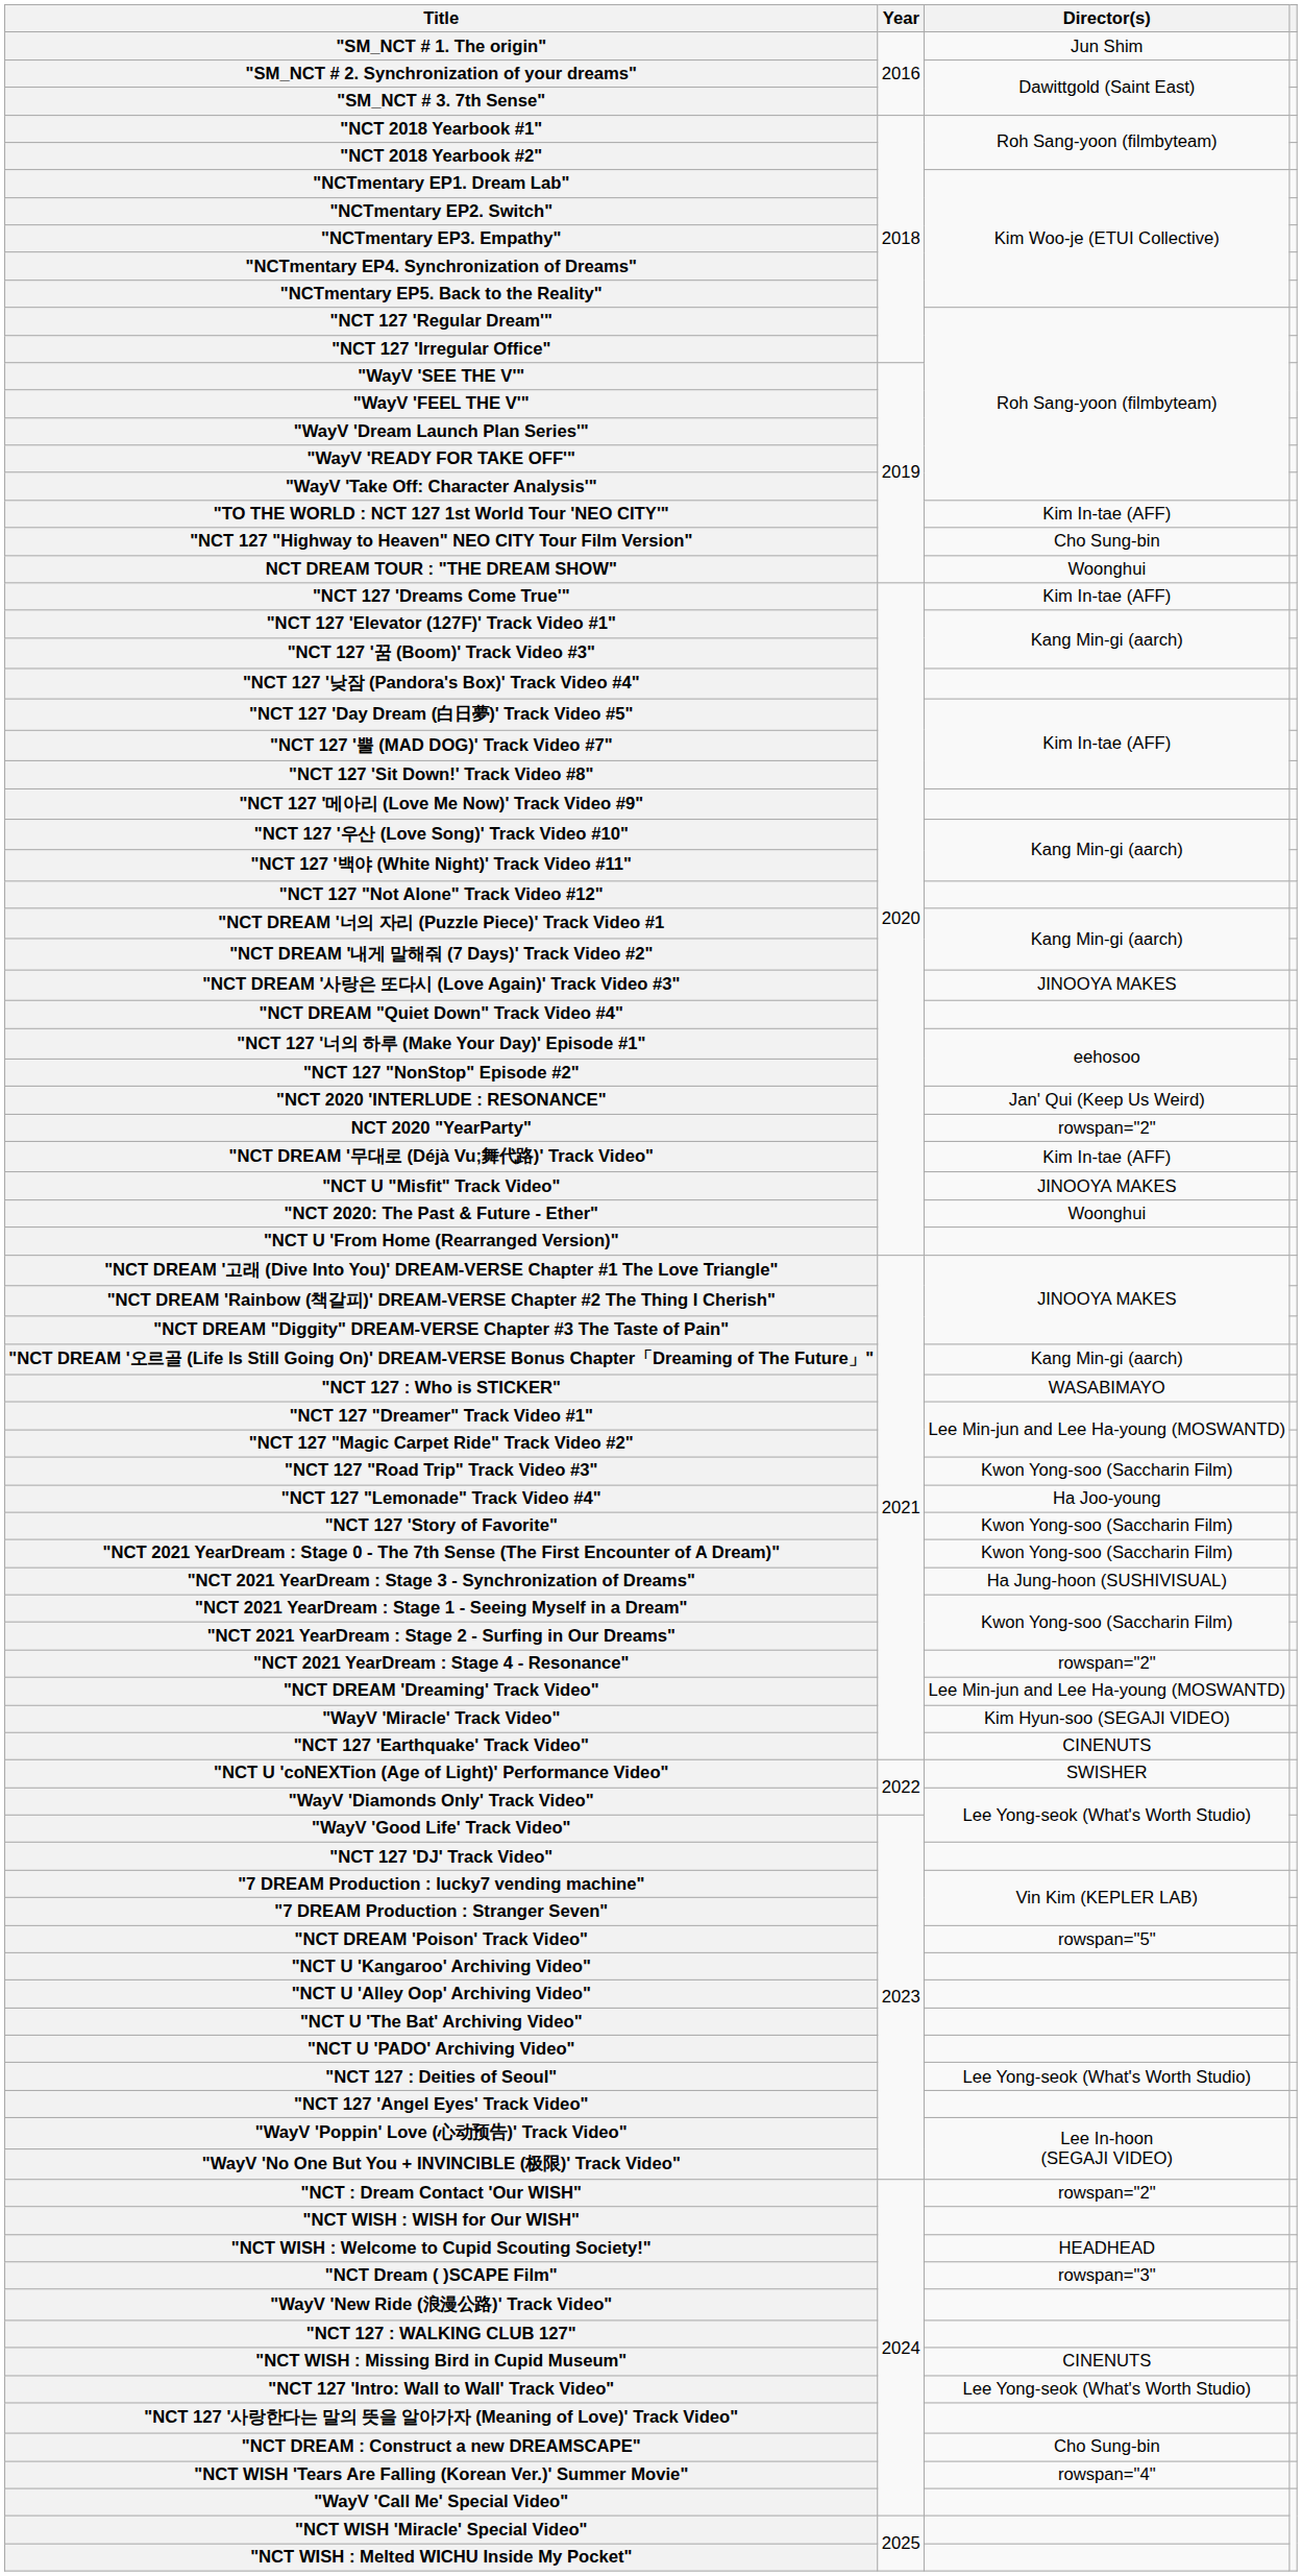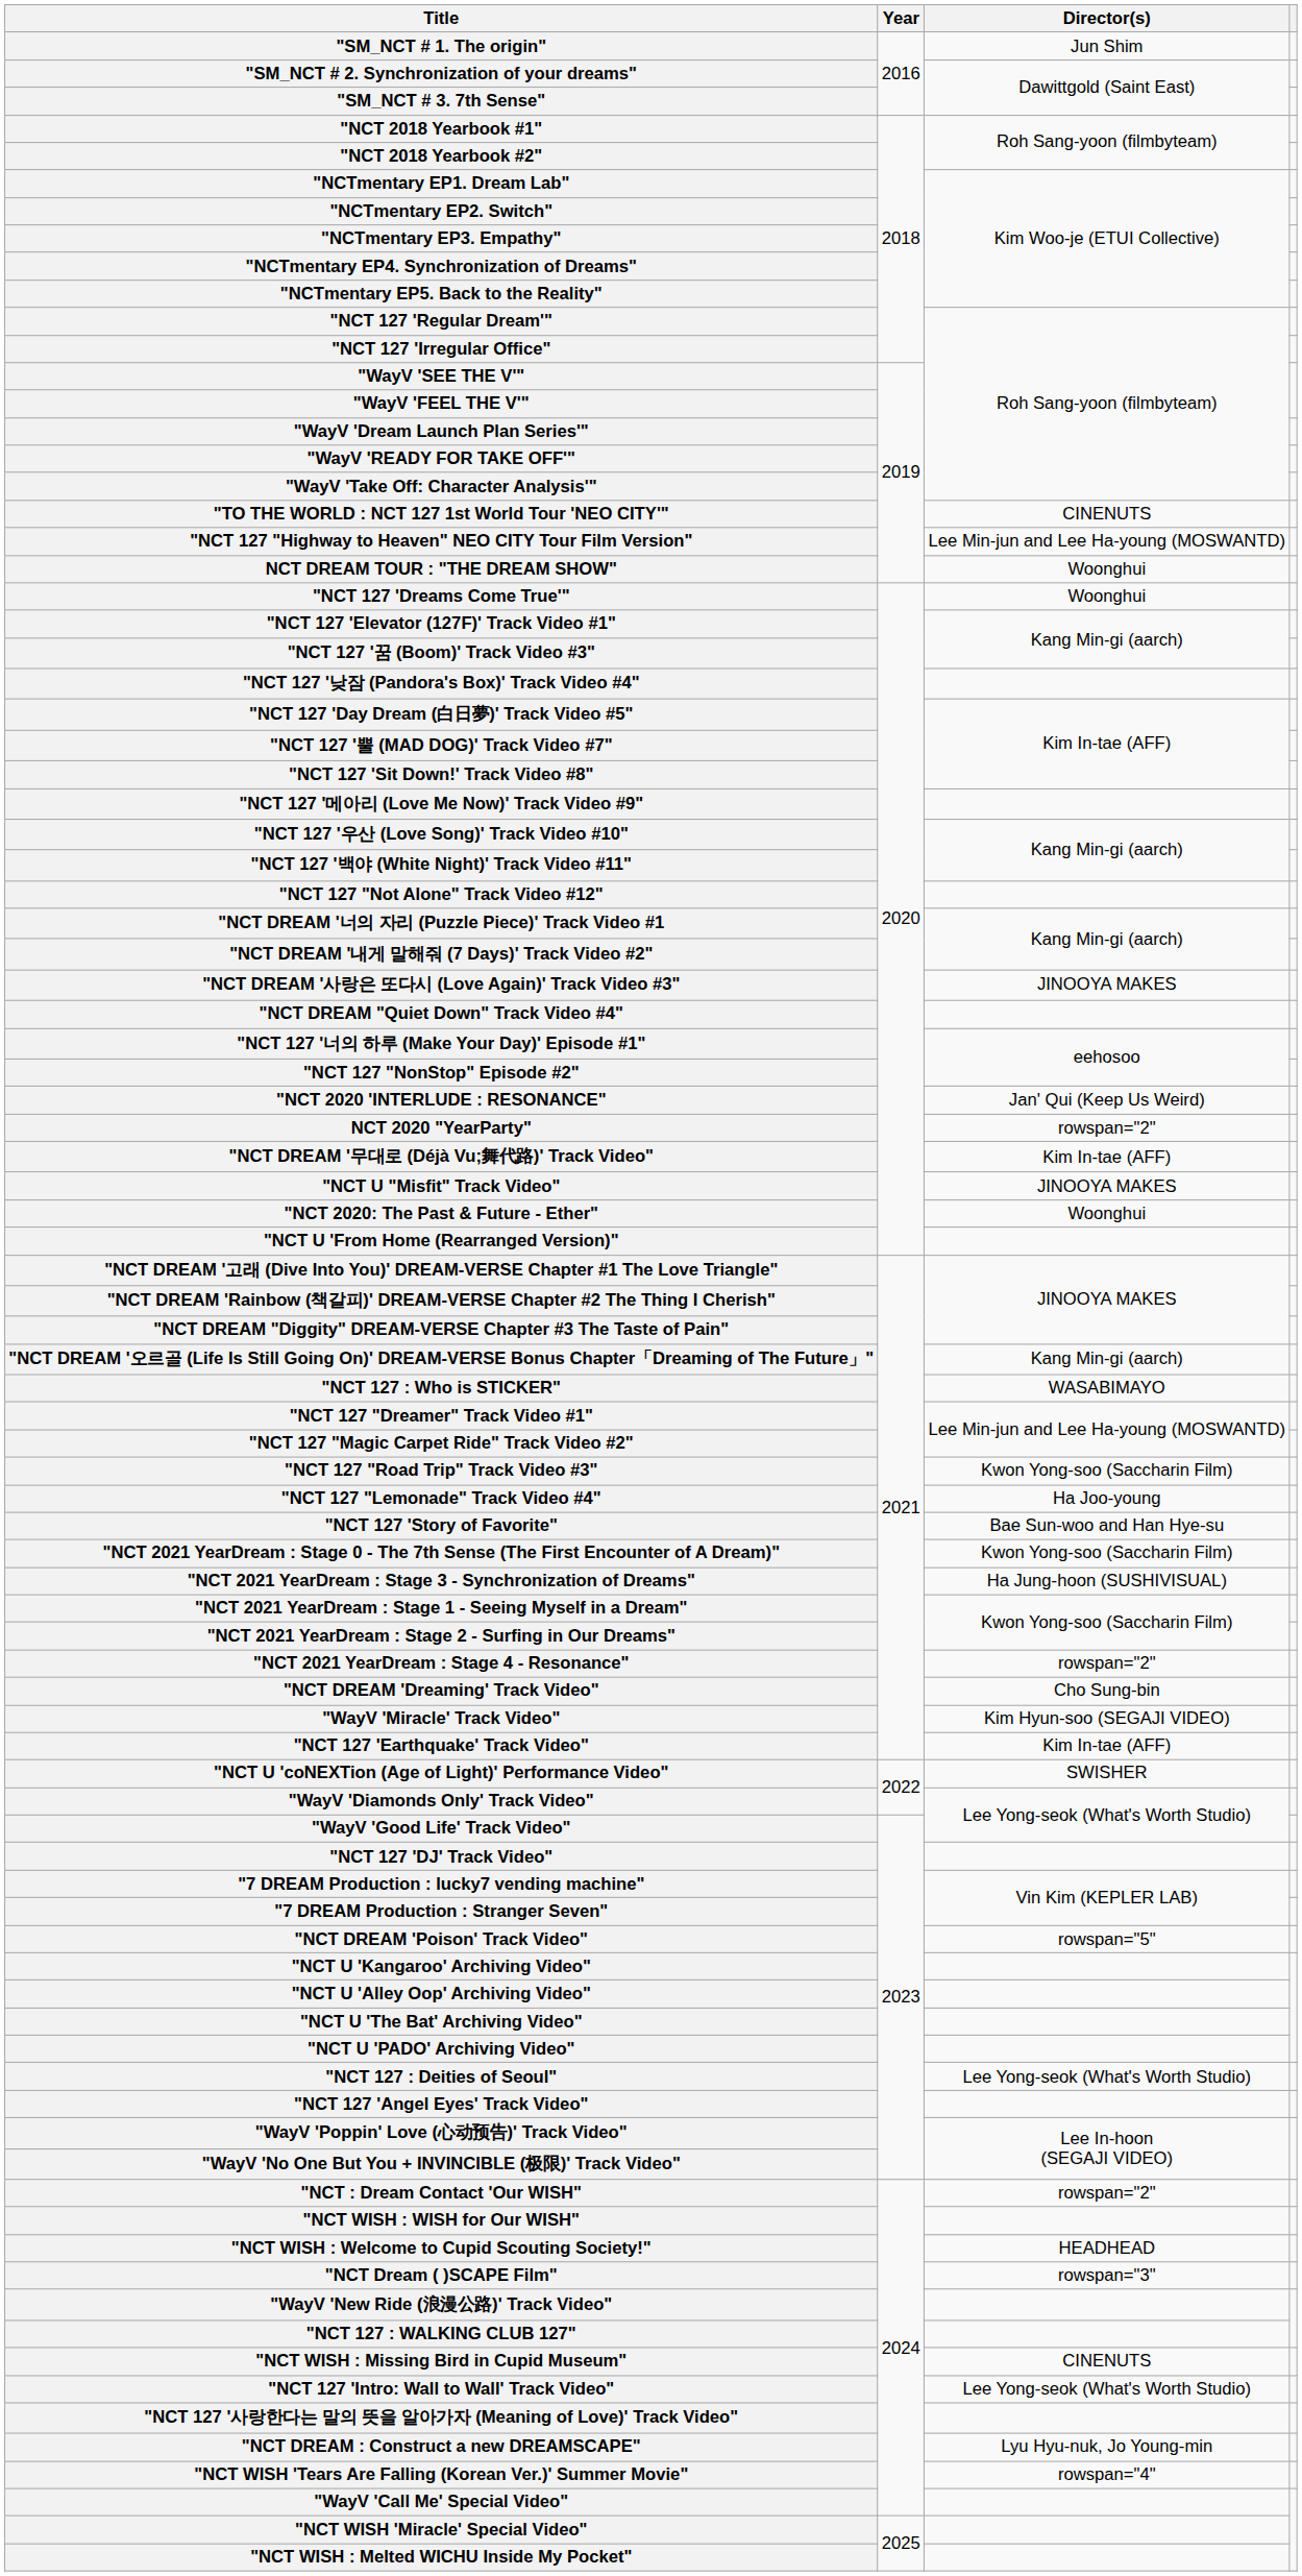 <table class="wikitable sortable plainrowheaders" style="text-align:center;">
 <tr>
 <th scope="col">Title</th>
 <th scope="col">Year</th>
 <th scope="col">Director(s)</th>
 <th scope="col"></th>
 </tr>
 <tr>
 <th scope="row">"SM_NCT # 1. The origin"</th>
 <td rowspan="3">2016</td>
 <td>Jun Shim</td>
 <td></td>
 </tr>
 <tr>
 <th scope="row">"SM_NCT # 2. Synchronization of your dreams"</th>
 <td rowspan="2">Dawittgold (Saint East)</td>
 <td></td>
 </tr>
 <tr>
 <th scope="row">"SM_NCT # 3. 7th Sense"</th>
 <td></td>
 </tr>
 <tr>
 <th scope="row">"NCT 2018 Yearbook #1"</th>
 <td rowspan="9">2018</td>
 <td rowspan="2">Roh Sang-yoon (filmbyteam)</td>
 <td></td>
 </tr>
 <tr>
 <th scope="row">"NCT 2018 Yearbook #2"</th>
 <td></td>
 </tr>
 <tr>
 <th scope="row">"NCTmentary EP1. Dream Lab"</th>
 <td rowspan="5">Kim Woo-je (ETUI Collective)</td>
 <td></td>
 </tr>
 <tr>
 <th scope="row">"NCTmentary EP2. Switch"</th>
 <td></td>
 </tr>
 <tr>
 <th scope="row">"NCTmentary EP3. Empathy"</th>
 <td></td>
 </tr>
 <tr>
 <th scope="row">"NCTmentary EP4. Synchronization of Dreams"</th>
 <td></td>
 </tr>
 <tr>
 <th scope="row">"NCTmentary EP5. Back to the Reality"</th>
 <td></td>
 </tr>
 <tr>
 <th scope="row">"NCT 127 'Regular Dream'"</th>
 <td rowspan="7">Roh Sang-yoon (filmbyteam)</td>
 <td></td>
 </tr>
 <tr>
 <th scope="row">"NCT 127 'Irregular Office"</th>
 <td></td>
 </tr>
 <tr>
 <th scope="row">"WayV 'SEE THE V'"</th>
 <td rowspan="8">2019</td>
 <td rowspan="2"></td>
 </tr>
 <tr>
 <th scope="row">"WayV 'FEEL THE V'"</th>
 </tr>
 <tr>
 <th scope="row">"WayV 'Dream Launch Plan Series'"</th>
 <td></td>
 </tr>
 <tr>
 <th scope="row">"WayV 'READY FOR TAKE OFF'"</th>
 <td></td>
 </tr>
 <tr>
 <th scope="row">"WayV 'Take Off: Character Analysis'"</th>
 <td></td>
 </tr>
 <tr>
 <th scope="row">"TO THE WORLD : NCT 127 1st World Tour 'NEO CITY'"</th>
-<td>Kim In-tae (AFF)</td>
+<td>CINENUTS</td>
 <td></td>
 </tr>
 <tr>
 <th scope="row">"NCT 127 "Highway to Heaven" NEO CITY Tour Film Version"</th>
-<td>Cho Sung-bin</td>
+<td>Lee Min-jun and Lee Ha-young (MOSWANTD)</td>
 <td></td>
 </tr>
 <tr>
 <th scope="row">NCT DREAM TOUR : "THE DREAM SHOW"</th>
 <td>Woonghui</td>
 <td></td>
 </tr>
 <tr>
 <th scope="row">"NCT 127 'Dreams Come True'"</th>
 <td rowspan="23">2020</td>
-<td>Kim In-tae (AFF)</td>
+<td>Woonghui</td>
 <td></td>
 </tr>
 <tr>
 <th scope="row">"NCT 127 'Elevator (127F)' Track Video #1"</th>
 <td rowspan="2">Kang Min-gi (aarch)</td>
 <td></td>
 </tr>
 <tr>
 <th scope="row">"NCT 127 '꿈 (Boom)' Track Video #3"</th>
 <td></td>
 </tr>
 <tr>
 <th scope="row">"NCT 127 '낮잠 (Pandora's Box)' Track Video #4"</th>
 <td></td>
 <td></td>
 </tr>
 <tr>
 <th scope="row">"NCT 127 'Day Dream (白日夢)' Track Video #5"</th>
 <td rowspan="3">Kim In-tae (AFF)</td>
 <td></td>
 </tr>
 <tr>
 <th scope="row">"NCT 127 '뿔 (MAD DOG)' Track Video #7"</th>
 <td></td>
 </tr>
 <tr>
 <th scope="row">"NCT 127 'Sit Down!' Track Video #8"</th>
 <td></td>
 </tr>
 <tr>
 <th scope="row">"NCT 127 '메아리 (Love Me Now)' Track Video #9"</th>
 <td></td>
 <td></td>
 </tr>
 <tr>
 <th scope="row">"NCT 127 '우산 (Love Song)' Track Video #10"</th>
 <td rowspan="2">Kang Min-gi (aarch)</td>
 <td></td>
 </tr>
 <tr>
 <th scope="row">"NCT 127 '백야 (White Night)' Track Video #11"</th>
 <td></td>
 </tr>
 <tr>
 <th scope="row">"NCT 127 "Not Alone" Track Video #12"</th>
 <td></td>
 <td></td>
 </tr>
 <tr>
 <th scope="row">"NCT DREAM '너의 자리 (Puzzle Piece)' Track Video #1</th>
 <td rowspan="2">Kang Min-gi (aarch)</td>
 <td></td>
 </tr>
 <tr>
 <th scope="row">"NCT DREAM '내게 말해줘 (7 Days)' Track Video #2"</th>
 <td></td>
 </tr>
 <tr>
 <th scope="row">"NCT DREAM '사랑은 또다시 (Love Again)' Track Video #3"</th>
 <td>JINOOYA MAKES</td>
 <td></td>
 </tr>
 <tr>
 <th scope="row">"NCT DREAM "Quiet Down" Track Video #4"</th>
 <td></td>
 </tr>
 <tr>
 <th scope="row">"NCT 127 '너의 하루 (Make Your Day)' Episode #1"</th>
 <td rowspan="2">eehosoo</td>
 <td></td>
 </tr>
 <tr>
 <th scope="row">"NCT 127 "NonStop" Episode #2"</th>
 <td></td>
 </tr>
 <tr>
 <th scope="row">"NCT 2020 'INTERLUDE : RESONANCE"</th>
 <td>Jan' Qui (Keep Us Weird)</td>
 <td></td>
 </tr>
 <tr>
 <th scope="row">NCT 2020 "YearParty"</th>
 <td>rowspan="2"</td>
 <td></td>
 </tr>
 <tr>
 <th scope="row">"NCT DREAM '무대로 (Déjà Vu;舞代路)' Track Video"</th>
 <td>Kim In-tae (AFF)</td>
 <td></td>
 </tr>
 <tr>
 <th scope="row">"NCT U "Misfit" Track Video"</th>
 <td>JINOOYA MAKES</td>
 <td></td>
 </tr>
 <tr>
 <th scope="row">"NCT 2020: The Past & Future - Ether"</th>
 <td>Woonghui</td>
 <td></td>
 </tr>
 <tr>
 <th scope="row">"NCT U 'From Home (Rearranged Version)"</th>
 <td></td>
 <td></td>
 </tr>
 <tr>
 <th scope="row">"NCT DREAM '고래 (Dive Into You)' DREAM-VERSE Chapter #1 The Love Triangle"</th>
 <td rowspan="18">2021</td>
 <td rowspan="3">JINOOYA MAKES</td>
 <td></td>
 </tr>
 <tr>
 <th scope="row">"NCT DREAM 'Rainbow (책갈피)' DREAM-VERSE Chapter #2 The Thing I Cherish"</th>
 <td></td>
 </tr>
 <tr>
 <th scope="row">"NCT DREAM "Diggity" DREAM-VERSE Chapter #3 The Taste of Pain"</th>
 <td></td>
 </tr>
 <tr>
 <th scope="row">"NCT DREAM '오르골 (Life Is Still Going On)' DREAM-VERSE Bonus Chapter「Dreaming of The Future」"</th>
 <td>Kang Min-gi (aarch)</td>
 <td></td>
 </tr>
 <tr>
 <th scope="row">"NCT 127 : Who is STICKER"</th>
 <td>WASABIMAYO</td>
 <td></td>
 </tr>
 <tr>
 <th scope="row">"NCT 127 "Dreamer" Track Video #1"</th>
 <td rowspan="2">Lee Min-jun and Lee Ha-young (MOSWANTD)</td>
 <td></td>
 </tr>
 <tr>
 <th scope="row">"NCT 127 "Magic Carpet Ride" Track Video #2"</th>
 <td></td>
 </tr>
 <tr>
 <th scope="row">"NCT 127 "Road Trip" Track Video #3"</th>
 <td>Kwon Yong-soo (Saccharin Film)</td>
 <td></td>
 </tr>
 <tr>
 <th scope="row">"NCT 127 "Lemonade" Track Video #4"</th>
 <td>Ha Joo-young</td>
 <td></td>
 </tr>
 <tr>
 <th scope="row">"NCT 127 'Story of Favorite"</th>
-<td>Kwon Yong-soo (Saccharin Film)</td>
+<td>Bae Sun-woo and Han Hye-su</td>
 <td></td>
 </tr>
 <tr>
 <th scope="row">"NCT 2021 YearDream : Stage 0 - The 7th Sense (The First Encounter of A Dream)"</th>
 <td>Kwon Yong-soo (Saccharin Film)</td>
 <td></td>
 </tr>
 <tr>
 <th scope="row">"NCT 2021 YearDream : Stage 3 - Synchronization of Dreams"</th>
 <td>Ha Jung-hoon (SUSHIVISUAL)</td>
 <td></td>
 </tr>
 <tr>
 <th scope="row">"NCT 2021 YearDream : Stage 1 - Seeing Myself in a Dream"</th>
 <td rowspan="2">Kwon Yong-soo (Saccharin Film)</td>
 <td></td>
 </tr>
 <tr>
 <th scope="row">"NCT 2021 YearDream : Stage 2 - Surfing in Our Dreams"</th>
 <td></td>
 </tr>
 <tr>
 <th scope="row">"NCT 2021 YearDream : Stage 4 - Resonance"</th>
 <td>rowspan="2" </td>
 <td></td>
 </tr>
 <tr>
 <th scope="row">"NCT DREAM 'Dreaming' Track Video"</th>
-<td>Lee Min-jun and Lee Ha-young (MOSWANTD)</td>
+<td>Cho Sung-bin</td>
 <td></td>
 </tr>
 <tr>
 <th scope="row">"WayV 'Miracle' Track Video"</th>
 <td>Kim Hyun-soo (SEGAJI VIDEO)</td>
 <td></td>
 </tr>
 <tr>
 <th scope="row">"NCT 127 'Earthquake' Track Video"</th>
-<td>CINENUTS</td>
+<td>Kim In-tae (AFF)</td>
 <td></td>
 </tr>
 <tr>
 <th scope="row">"NCT U 'coNEXTion (Age of Light)' Performance Video"</th>
 <td rowspan="2">2022</td>
 <td>SWISHER</td>
 <td></td>
 </tr>
 <tr>
 <th scope="row">"WayV 'Diamonds Only' Track Video"</th>
 <td rowspan="2">Lee Yong-seok (What's Worth Studio)</td>
 <td></td>
 </tr>
 <tr>
 <th scope="row">"WayV 'Good Life' Track Video"</th>
 <td rowspan="13">2023</td>
 <td></td>
 </tr>
 <tr>
 <th scope="row">"NCT 127 'DJ' Track Video"</th>
 <td></td>
 <td></td>
 </tr>
 <tr>
 <th scope="row">"7 DREAM Production : lucky7 vending machine"</th>
 <td rowspan="2">Vin Kim (KEPLER LAB)</td>
 <td></td>
 </tr>
 <tr>
 <th scope="row">"7 DREAM Production : Stranger Seven"</th>
 <td></td>
 </tr>
 <tr>
 <th scope="row">"NCT DREAM 'Poison' Track Video"</th>
 <td>rowspan="5" </td>
 <td></td>
 </tr>
 <tr>
 <th scope="row">"NCT U 'Kangaroo' Archiving Video"</th>
 <td></td>
 </tr>
 <tr>
 <th scope="row">"NCT U 'Alley Oop' Archiving Video"</th>
 <td></td>
 </tr>
 <tr>
 <th scope="row">"NCT U 'The Bat' Archiving Video"</th>
 <td></td>
 </tr>
 <tr>
 <th scope="row">"NCT U 'PADO' Archiving Video"</th>
 <td></td>
 </tr>
 <tr>
 <th scope="row">"NCT 127 : Deities of Seoul"</th>
 <td>Lee Yong-seok (What's Worth Studio)</td>
 <td></td>
 </tr>
 <tr>
 <th scope="row">"NCT 127 'Angel Eyes' Track Video"</th>
 <td></td>
 <td></td>
 </tr>
 <tr>
 <th scope="row">"WayV 'Poppin' Love (心动预告)' Track Video"</th>
 <td rowspan="2">Lee In-hoon<br>(SEGAJI VIDEO)</td>
 <td rowspan="2"></td>
 </tr>
 <tr>
 <th scope="row">"WayV 'No One But You + INVINCIBLE (极限)' Track Video"</th>
 </tr>
 <tr>
 <th scope="row">"NCT : Dream Contact 'Our WISH"</th>
 <td rowspan="12">2024</td>
 <td>rowspan="2"</td>
 <td></td>
 </tr>
 <tr>
 <th scope="row">"NCT WISH : WISH for Our WISH"</th>
 <td></td>
 </tr>
 <tr>
 <th scope="row">"NCT WISH : Welcome to Cupid Scouting Society!"</th>
 <td>HEADHEAD</td>
 <td></td>
 </tr>
 <tr>
 <th scope="row">"NCT Dream ( )SCAPE Film"</th>
 <td>rowspan="3"</td>
 <td></td>
 </tr>
 <tr>
 <th scope="row">"WayV 'New Ride (浪漫公路)' Track Video"</th>
 <td></td>
 </tr>
 <tr>
 <th scope="row">"NCT 127 : WALKING CLUB 127"</th>
 <td></td>
 </tr>
 <tr>
 <th scope="row">"NCT WISH : Missing Bird in Cupid Museum"</th>
 <td>CINENUTS</td>
 <td></td>
 </tr>
 <tr>
 <th scope="row">"NCT 127 'Intro: Wall to Wall' Track Video"</th>
 <td>Lee Yong-seok (What's Worth Studio)</td>
 <td></td>
 </tr>
 <tr>
 <th scope="row">"NCT 127 '사랑한다는 말의 뜻을 알아가자 (Meaning of Love)' Track Video"</th>
 <td></td>
 <td></td>
 </tr>
 <tr>
 <th scope="row">"NCT DREAM : Construct a new DREAMSCAPE"</th>
-<td>Cho Sung-bin</td>
+<td>Lyu Hyu-nuk, Jo Young-min</td>
 <td></td>
 </tr>
 <tr>
 <th scope="row">"NCT WISH 'Tears Are Falling (Korean Ver.)' Summer Movie"</th>
 <td>rowspan="4" </td>
 <td></td>
 </tr>
 <tr>
 <th scope="row">"WayV 'Call Me' Special Video"</th>
 <td></td>
 </tr>
 <tr>
 <th scope="row">"NCT WISH 'Miracle' Special Video"</th>
 <td rowspan="2">2025</td>
 <td></td>
 </tr>
 <tr>
 <th scope="row">"NCT WISH : Melted WICHU Inside My Pocket"</th>
 <td></td>
 </tr>
 </table>
